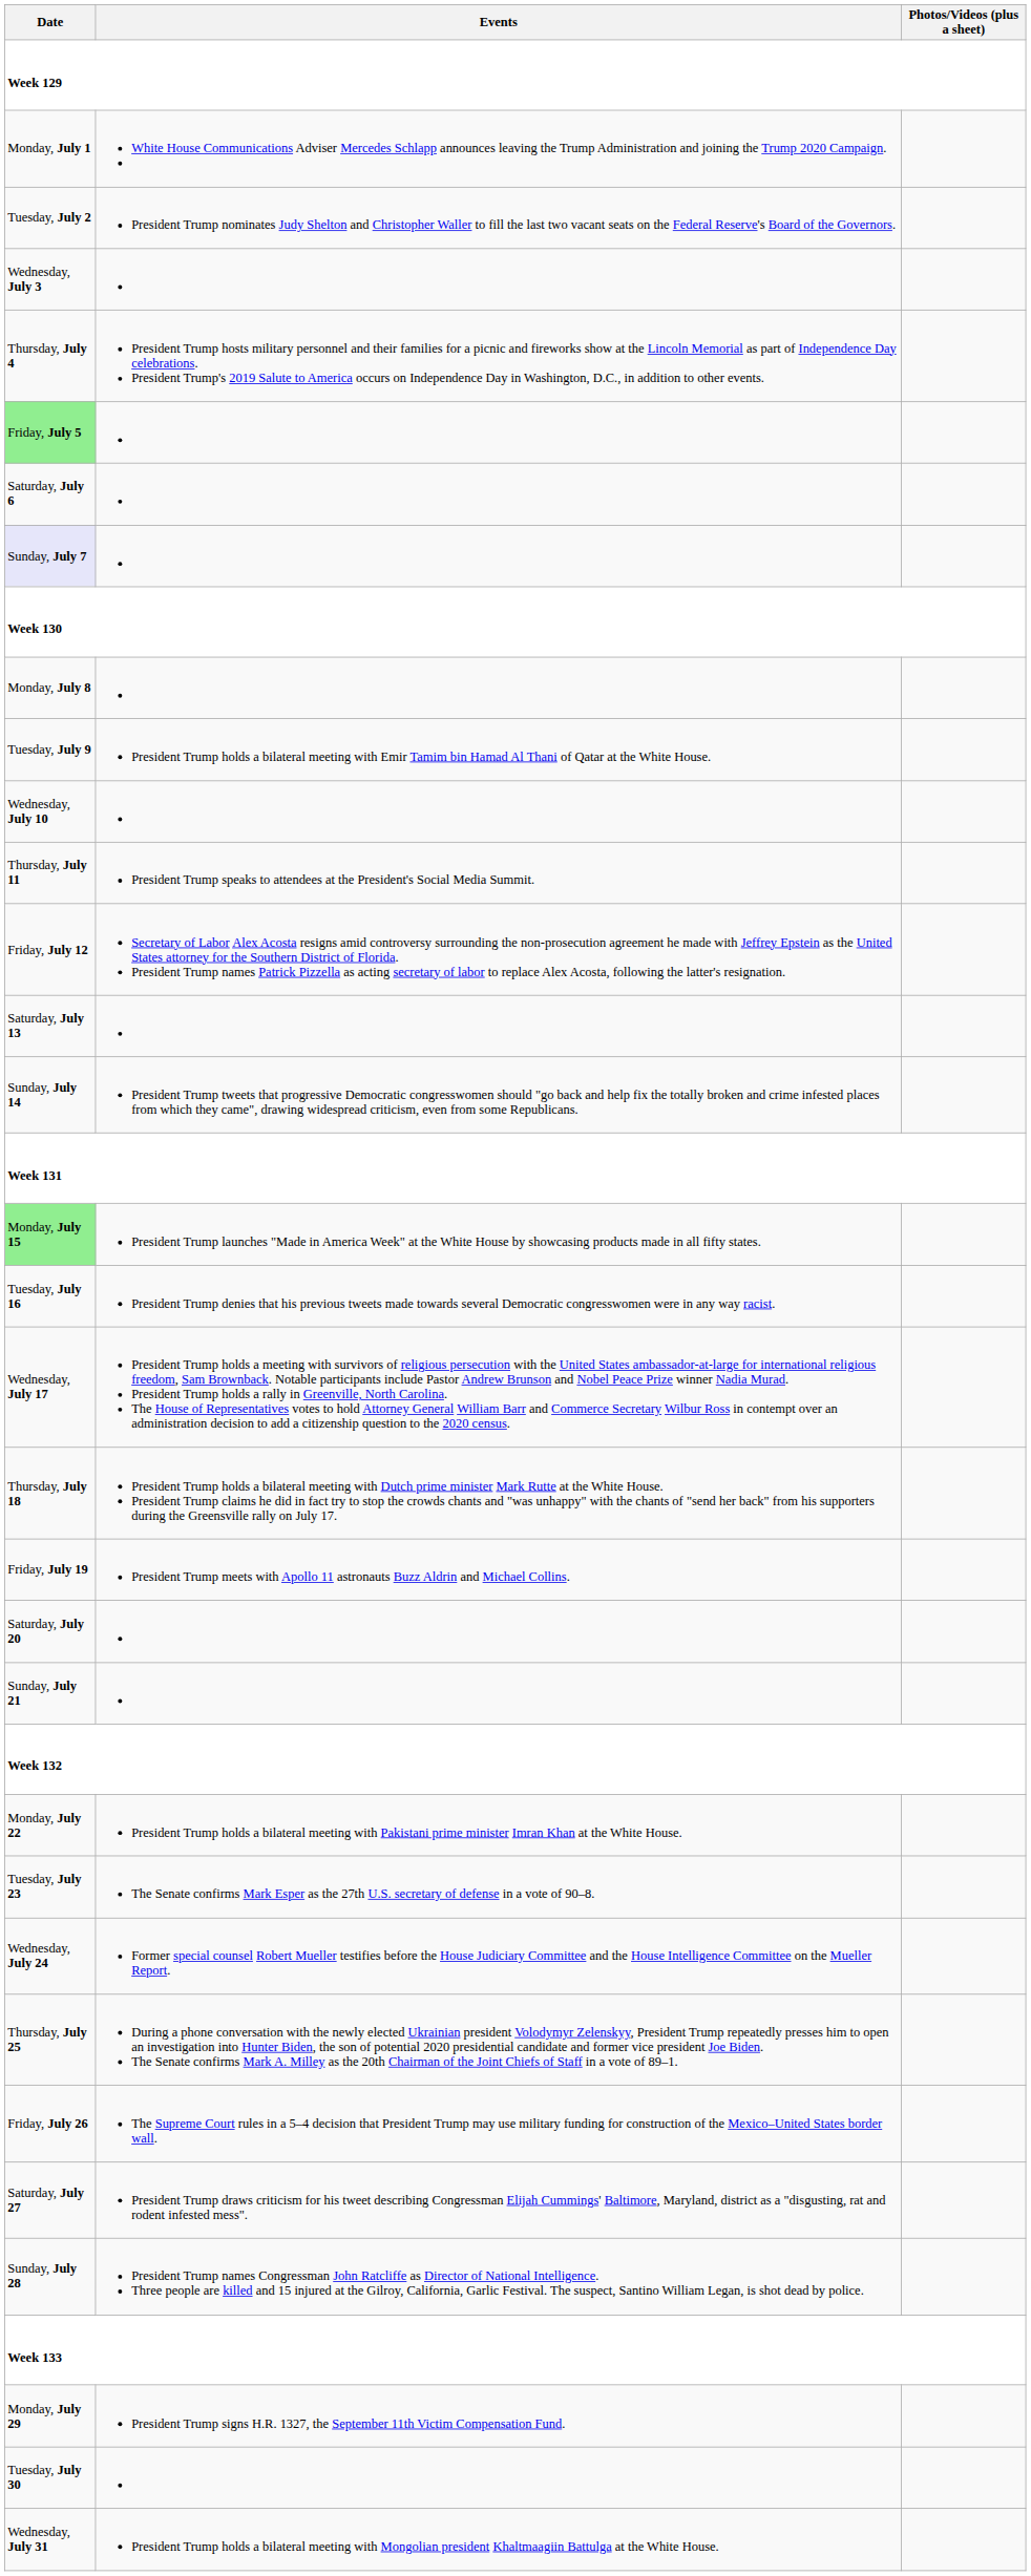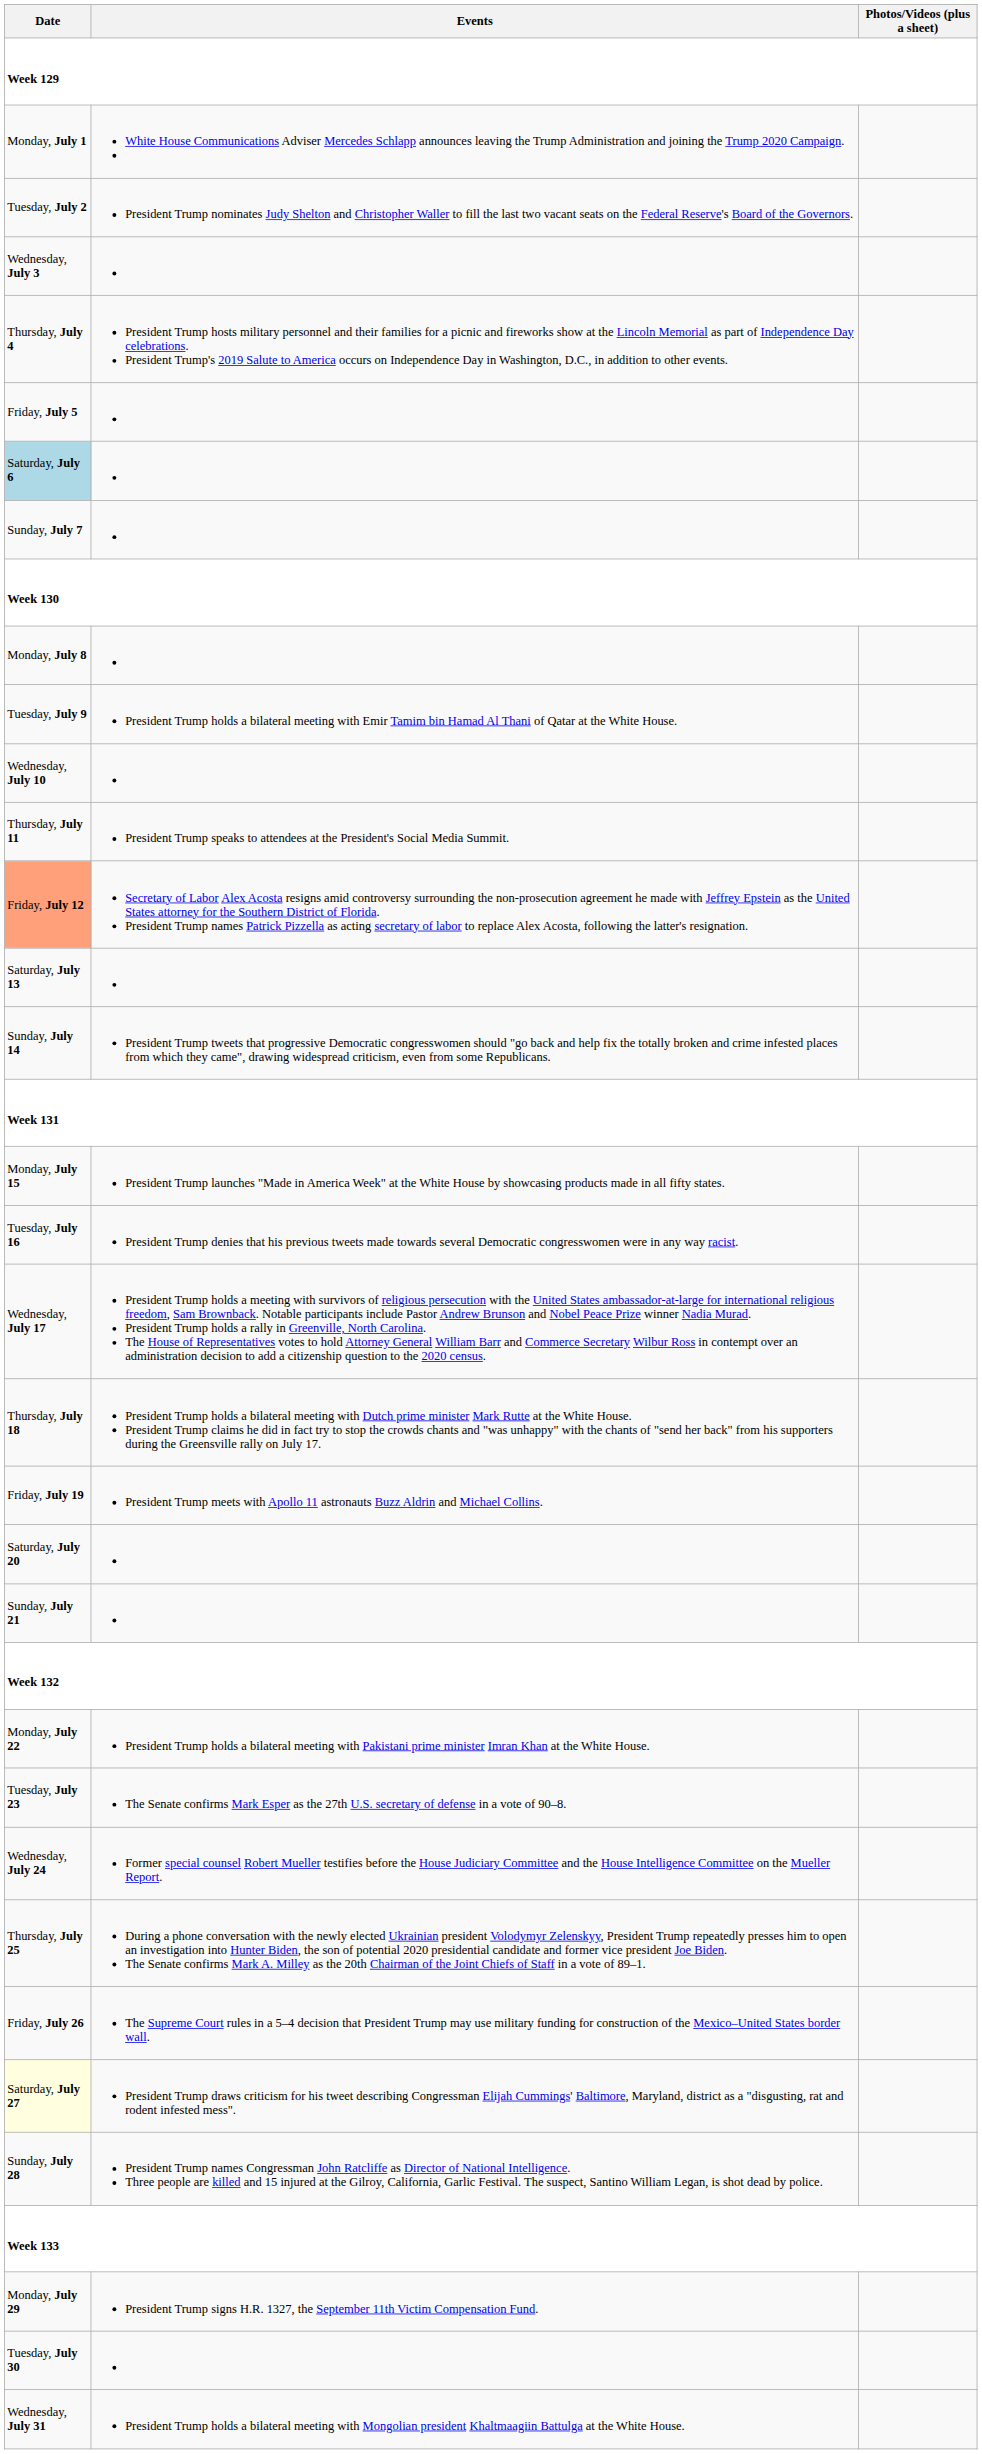 <table class="wikitable">
 <tr>
 <th>Date</th>
 <th>Events</th>
 <th>Photos/Videos (plus a sheet)</th>
 </tr>
 <tr style="background:white;">
 <td colspan="3"><br><h4>Week 129</h4></td>
 </tr>
 <tr>
 <td>Monday, <strong>July 1</strong></td>
 <td><br><ul><li><a href='#'>White House Communications</a> Adviser <a href='#'>Mercedes Schlapp</a> announces leaving the Trump Administration and joining the <a href='#'>Trump 2020 Campaign</a>.</li><li></li></ul></td>
 <td></td>
 </tr>
 <tr>
 <td>Tuesday, <strong>July 2</strong></td>
 <td><br><ul><li>President Trump nominates <a href='#'>Judy Shelton</a> and <a href='#'>Christopher Waller</a> to fill the last two vacant seats on the <a href='#'>Federal Reserve</a>'s <a href='#'>Board of the Governors</a>.</li></ul></td>
 <td></td>
 </tr>
 <tr>
 <td>Wednesday, <strong>July 3</strong></td>
 <td><br><ul><li></li></ul></td>
 <td></td>
 </tr>
 <tr>
 <td>Thursday, <strong>July 4</strong></td>
 <td><br><ul><li>President Trump hosts military personnel and their families for a picnic and fireworks show at the <a href='#'>Lincoln Memorial</a> as part of <a href='#'>Independence Day celebrations</a>.</li><li>President Trump's <a href='#'>2019 Salute to America</a> occurs on Independence Day in Washington, D.C., in addition to other events.</li></ul></td>
 <td></td>
 </tr>
 <tr>
-<td style="background: lightgreen;">Friday, <strong>July 5</strong></td>
+<td>Friday, <strong>July 5</strong></td>
 <td><br><ul><li></li></ul></td>
 <td></td>
 </tr>
 <tr>
-<td>Saturday, <strong>July 6</strong></td>
+<td style="background: lightblue;">Saturday, <strong>July 6</strong></td>
 <td><br><ul><li></li></ul></td>
 <td></td>
 </tr>
 <tr>
-<td style="background: lavender;">Sunday, <strong>July 7</strong></td>
+<td>Sunday, <strong>July 7</strong></td>
 <td><br><ul><li></li></ul></td>
 <td></td>
 </tr>
 <tr style="background:white;">
 <td colspan="3"><br><h4>Week 130</h4></td>
 </tr>
 <tr>
 <td>Monday, <strong>July 8</strong></td>
 <td><br><ul><li></li></ul></td>
 <td></td>
 </tr>
 <tr>
 <td>Tuesday, <strong>July 9</strong></td>
 <td><br><ul><li>President Trump holds a bilateral meeting with Emir <a href='#'>Tamim bin Hamad Al Thani</a> of Qatar at the White House.</li></ul></td>
 <td></td>
 </tr>
 <tr>
 <td>Wednesday, <strong>July 10</strong></td>
 <td><br><ul><li></li></ul></td>
 <td></td>
 </tr>
 <tr>
 <td>Thursday, <strong>July 11</strong></td>
 <td><br><ul><li>President Trump speaks to attendees at the President's Social Media Summit.</li></ul></td>
 <td></td>
 </tr>
 <tr>
-<td>Friday, <strong>July 12</strong></td>
+<td style="background: lightsalmon;">Friday, <strong>July 12</strong></td>
 <td><br><ul><li><a href='#'>Secretary of Labor</a> <a href='#'>Alex Acosta</a> resigns amid controversy surrounding the non-prosecution agreement he made with <a href='#'>Jeffrey Epstein</a> as the <a href='#'>United States attorney for the Southern District of Florida</a>.</li><li>President Trump names <a href='#'>Patrick Pizzella</a> as acting <a href='#'>secretary of labor</a> to replace Alex Acosta, following the latter's resignation.</li></ul></td>
 <td></td>
 </tr>
 <tr>
 <td>Saturday, <strong>July 13</strong></td>
 <td><br><ul><li></li></ul></td>
 <td></td>
 </tr>
 <tr>
 <td>Sunday, <strong>July 14</strong></td>
 <td><br><ul><li>President Trump tweets that progressive Democratic congresswomen should "go back and help fix the totally broken and crime infested places from which they came", drawing widespread criticism, even from some Republicans.</li></ul></td>
 <td></td>
 </tr>
 <tr style="background:white;">
 <td colspan="3"><br><h4>Week 131</h4></td>
 </tr>
 <tr>
-<td style="background: lightgreen;">Monday, <strong>July 15</strong></td>
+<td>Monday, <strong>July 15</strong></td>
 <td><br><ul><li>President Trump launches "Made in America Week" at the White House by showcasing products made in all fifty states.</li></ul></td>
 <td></td>
 </tr>
 <tr>
 <td>Tuesday, <strong>July 16</strong></td>
 <td><br><ul><li>President Trump denies that his previous tweets made towards several Democratic congresswomen were in any way <a href='#'>racist</a>.</li></ul></td>
 <td></td>
 </tr>
 <tr>
 <td>Wednesday, <strong>July 17</strong></td>
 <td><br><ul><li>President Trump holds a meeting with survivors of <a href='#'>religious persecution</a> with the <a href='#'>United States ambassador-at-large for international religious freedom</a>, <a href='#'>Sam Brownback</a>. Notable participants include Pastor <a href='#'>Andrew Brunson</a> and <a href='#'>Nobel Peace Prize</a> winner <a href='#'>Nadia Murad</a>.</li><li>President Trump holds a rally in <a href='#'>Greenville, North Carolina</a>.</li><li>The <a href='#'>House of Representatives</a> votes to hold <a href='#'>Attorney General</a> <a href='#'>William Barr</a> and <a href='#'>Commerce Secretary</a> <a href='#'>Wilbur Ross</a> in contempt over an administration decision to add a citizenship question to the <a href='#'>2020 census</a>.</li></ul></td>
 <td></td>
 </tr>
 <tr>
 <td>Thursday, <strong>July 18</strong></td>
 <td><br><ul><li>President Trump holds a bilateral meeting with <a href='#'>Dutch prime minister</a> <a href='#'>Mark Rutte</a> at the White House.</li><li>President Trump claims he did in fact try to stop the crowds chants and "was unhappy" with the chants of "send her back" from his supporters during the Greensville rally on July 17.</li></ul></td>
 <td></td>
 </tr>
 <tr>
 <td>Friday, <strong>July 19</strong></td>
 <td><br><ul><li>President Trump meets with <a href='#'>Apollo 11</a> astronauts <a href='#'>Buzz Aldrin</a> and <a href='#'>Michael Collins</a>.</li></ul></td>
 <td></td>
 </tr>
 <tr>
 <td>Saturday, <strong>July 20</strong></td>
 <td><br><ul><li></li></ul></td>
 <td></td>
 </tr>
 <tr>
 <td>Sunday, <strong>July 21</strong></td>
 <td><br><ul><li></li></ul></td>
 <td></td>
 </tr>
 <tr style="background:white;">
 <td colspan="3"><br><h4>Week 132</h4></td>
 </tr>
 <tr>
 <td>Monday, <strong>July 22</strong></td>
 <td><br><ul><li>President Trump holds a bilateral meeting with <a href='#'>Pakistani prime minister</a> <a href='#'>Imran Khan</a> at the White House.</li></ul></td>
 <td></td>
 </tr>
 <tr>
 <td>Tuesday, <strong>July 23</strong></td>
 <td><br><ul><li>The Senate confirms <a href='#'>Mark Esper</a> as the 27th <a href='#'>U.S. secretary of defense</a> in a vote of 90–8.</li></ul></td>
 <td></td>
 </tr>
 <tr>
 <td>Wednesday, <strong>July 24</strong></td>
 <td><br><ul><li>Former <a href='#'>special counsel</a> <a href='#'>Robert Mueller</a> testifies before the <a href='#'>House Judiciary Committee</a> and the <a href='#'>House Intelligence Committee</a> on the <a href='#'>Mueller Report</a>.</li></ul></td>
 <td></td>
 </tr>
 <tr>
 <td>Thursday, <strong>July 25</strong></td>
 <td><br><ul><li>During a phone conversation with the newly elected <a href='#'>Ukrainian</a> president <a href='#'>Volodymyr Zelenskyy</a>, President Trump repeatedly presses him to open an investigation into <a href='#'>Hunter Biden</a>, the son of potential 2020 presidential candidate and former vice president <a href='#'>Joe Biden</a>.</li><li>The Senate confirms <a href='#'>Mark A. Milley</a> as the 20th <a href='#'>Chairman of the Joint Chiefs of Staff</a> in a vote of 89–1.</li></ul></td>
 <td></td>
 </tr>
 <tr>
 <td>Friday, <strong>July 26</strong></td>
 <td><br><ul><li>The <a href='#'>Supreme Court</a> rules in a 5–4 decision that President Trump may use military funding for construction of the <a href='#'>Mexico–United States border wall</a>.</li></ul></td>
 <td></td>
 </tr>
 <tr>
-<td>Saturday, <strong>July 27</strong></td>
+<td style="background: lightyellow;">Saturday, <strong>July 27</strong></td>
 <td><br><ul><li>President Trump draws criticism for his tweet describing Congressman <a href='#'>Elijah Cummings</a>' <a href='#'>Baltimore</a>, Maryland, district as a "disgusting, rat and rodent infested mess".</li></ul></td>
 <td></td>
 </tr>
 <tr>
 <td>Sunday, <strong>July 28</strong></td>
 <td><br><ul><li>President Trump names Congressman <a href='#'>John Ratcliffe</a> as <a href='#'>Director of National Intelligence</a>.</li><li>Three people are <a href='#'>killed</a> and 15 injured at the Gilroy, California, Garlic Festival. The suspect, Santino William Legan, is shot dead by police.</li></ul></td>
 <td></td>
 </tr>
 <tr style="background:white;">
 <td colspan="3"><br><h4>Week 133</h4></td>
 </tr>
 <tr>
 <td>Monday, <strong>July 29</strong></td>
 <td><br><ul><li>President Trump signs H.R. 1327, the <a href='#'>September 11th Victim Compensation Fund</a>.</li></ul></td>
 <td></td>
 </tr>
 <tr>
 <td>Tuesday, <strong>July 30</strong></td>
 <td><br><ul><li></li></ul></td>
 <td></td>
 </tr>
 <tr>
 <td>Wednesday, <strong>July 31</strong></td>
 <td><br><ul><li>President Trump holds a bilateral meeting with <a href='#'>Mongolian president</a> <a href='#'>Khaltmaagiin Battulga</a> at the White House.</li></ul></td>
 <td></td>
 </tr>
 </table>
